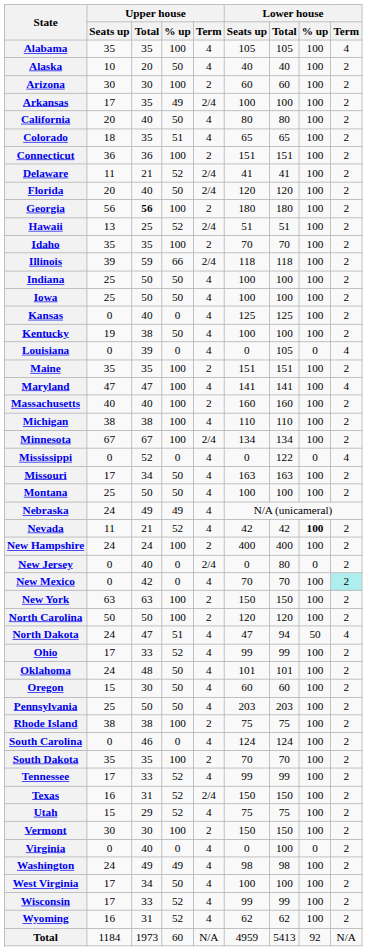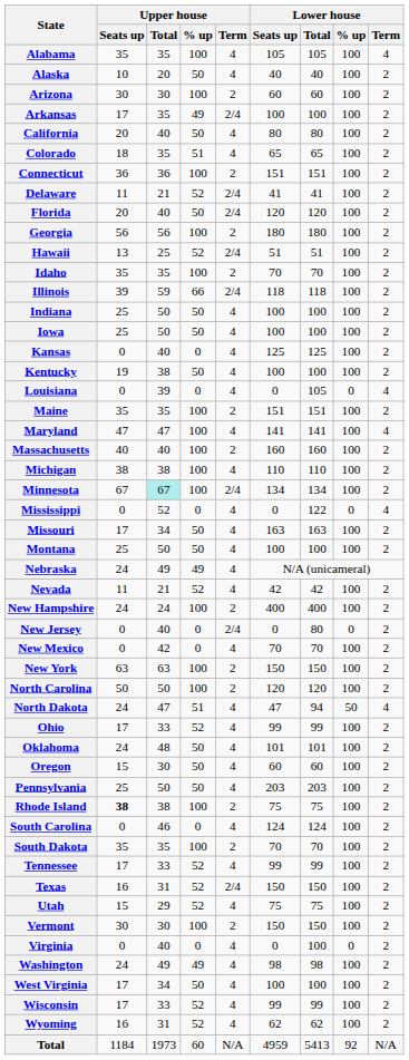 <table class="wikitable sortable plainrowheaders" style="text-align: center;">
 <tr>
 <th rowspan=2>State</th>
 <th colspan=4>Upper house</th>
 <th colspan=4>Lower house</th>
 </tr>
 <tr>
 <th>Seats up</th>
 <th>Total</th>
 <th>% up</th>
 <th>Term</th>
 <th>Seats up</th>
 <th>Total</th>
 <th>% up</th>
 <th>Term</th>
 </tr>
 <tr>
 <th scope="row"><a href='#'>Alabama</a></th>
 <td>35</td>
 <td>35</td>
 <td>100</td>
 <td>4</td>
 <td>105</td>
 <td>105</td>
 <td>100</td>
 <td>4</td>
 </tr>
 <tr>
 <th scope="row"><a href='#'>Alaska</a></th>
 <td>10</td>
 <td>20</td>
 <td>50</td>
 <td>4</td>
 <td>40</td>
 <td>40</td>
 <td>100</td>
 <td>2</td>
 </tr>
 <tr>
 <th scope="row"><a href='#'>Arizona</a></th>
 <td>30</td>
 <td>30</td>
 <td>100</td>
 <td>2</td>
 <td>60</td>
 <td>60</td>
 <td>100</td>
 <td>2</td>
 </tr>
 <tr>
 <th scope="row"><a href='#'>Arkansas</a></th>
 <td>17</td>
 <td>35</td>
 <td>49</td>
 <td>2/4</td>
 <td>100</td>
 <td>100</td>
 <td>100</td>
 <td>2</td>
 </tr>
 <tr>
 <th scope="row"><a href='#'>California</a></th>
 <td>20</td>
 <td>40</td>
 <td>50</td>
 <td>4</td>
 <td>80</td>
 <td>80</td>
 <td>100</td>
 <td>2</td>
 </tr>
 <tr>
 <th scope="row"><a href='#'>Colorado</a></th>
 <td>18</td>
 <td>35</td>
 <td>51</td>
 <td>4</td>
 <td>65</td>
 <td>65</td>
 <td>100</td>
 <td>2</td>
 </tr>
 <tr>
 <th scope="row"><a href='#'>Connecticut</a></th>
 <td>36</td>
 <td>36</td>
 <td>100</td>
 <td>2</td>
 <td>151</td>
 <td>151</td>
 <td>100</td>
 <td>2</td>
 </tr>
 <tr>
 <th scope="row"><a href='#'>Delaware</a></th>
 <td>11</td>
 <td>21</td>
 <td>52</td>
 <td>2/4</td>
 <td>41</td>
 <td>41</td>
 <td>100</td>
 <td>2</td>
 </tr>
 <tr>
 <th scope="row"><a href='#'>Florida</a></th>
 <td>20</td>
 <td>40</td>
 <td>50</td>
 <td>2/4</td>
 <td>120</td>
 <td>120</td>
 <td>100</td>
 <td>2</td>
 </tr>
 <tr>
 <th scope="row"><a href='#'>Georgia</a></th>
 <td>56</td>
-<td><strong>56</strong></td>
+<td>56</td>
 <td>100</td>
 <td>2</td>
 <td>180</td>
 <td>180</td>
 <td>100</td>
 <td>2</td>
 </tr>
 <tr>
 <th scope="row"><a href='#'>Hawaii</a></th>
 <td>13</td>
 <td>25</td>
 <td>52</td>
 <td>2/4</td>
 <td>51</td>
 <td>51</td>
 <td>100</td>
 <td>2</td>
 </tr>
 <tr>
 <th scope="row"><a href='#'>Idaho</a></th>
 <td>35</td>
 <td>35</td>
 <td>100</td>
 <td>2</td>
 <td>70</td>
 <td>70</td>
 <td>100</td>
 <td>2</td>
 </tr>
 <tr>
 <th scope="row"><a href='#'>Illinois</a></th>
 <td>39</td>
 <td>59</td>
 <td>66</td>
 <td>2/4</td>
 <td>118</td>
 <td>118</td>
 <td>100</td>
 <td>2</td>
 </tr>
 <tr>
 <th scope="row"><a href='#'>Indiana</a></th>
 <td>25</td>
 <td>50</td>
 <td>50</td>
 <td>4</td>
 <td>100</td>
 <td>100</td>
 <td>100</td>
 <td>2</td>
 </tr>
 <tr>
 <th scope="row"><a href='#'>Iowa</a></th>
 <td>25</td>
 <td>50</td>
 <td>50</td>
 <td>4</td>
 <td>100</td>
 <td>100</td>
 <td>100</td>
 <td>2</td>
 </tr>
 <tr>
 <th scope="row"><a href='#'>Kansas</a></th>
 <td>0</td>
 <td>40</td>
 <td>0</td>
 <td>4</td>
 <td>125</td>
 <td>125</td>
 <td>100</td>
 <td>2</td>
 </tr>
 <tr>
 <th scope="row"><a href='#'>Kentucky</a></th>
 <td>19</td>
 <td>38</td>
 <td>50</td>
 <td>4</td>
 <td>100</td>
 <td>100</td>
 <td>100</td>
 <td>2</td>
 </tr>
 <tr>
 <th scope="row"><a href='#'>Louisiana</a></th>
 <td>0</td>
 <td>39</td>
 <td>0</td>
 <td>4</td>
 <td>0</td>
 <td>105</td>
 <td>0</td>
 <td>4</td>
 </tr>
 <tr>
 <th scope="row"><a href='#'>Maine</a></th>
 <td>35</td>
 <td>35</td>
 <td>100</td>
 <td>2</td>
 <td>151</td>
 <td>151</td>
 <td>100</td>
 <td>2</td>
 </tr>
 <tr>
 <th scope="row"><a href='#'>Maryland</a></th>
 <td>47</td>
 <td>47</td>
 <td>100</td>
 <td>4</td>
 <td>141</td>
 <td>141</td>
 <td>100</td>
 <td>4</td>
 </tr>
 <tr>
 <th scope="row"><a href='#'>Massachusetts</a></th>
 <td>40</td>
 <td>40</td>
 <td>100</td>
 <td>2</td>
 <td>160</td>
 <td>160</td>
 <td>100</td>
 <td>2</td>
 </tr>
 <tr>
 <th scope="row"><a href='#'>Michigan</a></th>
 <td>38</td>
 <td>38</td>
 <td>100</td>
 <td>4</td>
 <td>110</td>
 <td>110</td>
 <td>100</td>
 <td>2</td>
 </tr>
 <tr>
 <th scope="row"><a href='#'>Minnesota</a></th>
 <td>67</td>
-<td>67</td>
+<td style="background: paleturquoise;">67</td>
 <td>100</td>
 <td>2/4</td>
 <td>134</td>
 <td>134</td>
 <td>100</td>
 <td>2</td>
 </tr>
 <tr>
 <th scope="row"><a href='#'>Mississippi</a></th>
 <td>0</td>
 <td>52</td>
 <td>0</td>
 <td>4</td>
 <td>0</td>
 <td>122</td>
 <td>0</td>
 <td>4</td>
 </tr>
 <tr>
 <th scope="row"><a href='#'>Missouri</a></th>
 <td>17</td>
 <td>34</td>
 <td>50</td>
 <td>4</td>
 <td>163</td>
 <td>163</td>
 <td>100</td>
 <td>2</td>
 </tr>
 <tr>
 <th scope="row"><a href='#'>Montana</a></th>
 <td>25</td>
 <td>50</td>
 <td>50</td>
 <td>4</td>
 <td>100</td>
 <td>100</td>
 <td>100</td>
 <td>2</td>
 </tr>
 <tr>
 <th scope="row"><a href='#'>Nebraska</a></th>
 <td>24</td>
 <td>49</td>
 <td>49</td>
 <td>4</td>
 <td colspan=4>N/A (unicameral)</td>
 </tr>
 <tr>
 <th scope="row"><a href='#'>Nevada</a></th>
 <td>11</td>
 <td>21</td>
 <td>52</td>
 <td>4</td>
 <td>42</td>
 <td>42</td>
-<td><strong>100</strong></td>
+<td>100</td>
 <td>2</td>
 </tr>
 <tr>
 <th scope="row"><a href='#'>New Hampshire</a></th>
 <td>24</td>
 <td>24</td>
 <td>100</td>
 <td>2</td>
 <td>400</td>
 <td>400</td>
 <td>100</td>
 <td>2</td>
 </tr>
 <tr>
 <th scope="row"><a href='#'>New Jersey</a></th>
 <td>0</td>
 <td>40</td>
 <td>0</td>
 <td>2/4</td>
 <td>0</td>
 <td>80</td>
 <td>0</td>
 <td>2</td>
 </tr>
 <tr>
 <th scope="row"><a href='#'>New Mexico</a></th>
 <td>0</td>
 <td>42</td>
 <td>0</td>
 <td>4</td>
 <td>70</td>
 <td>70</td>
 <td>100</td>
-<td style="background: paleturquoise;">2</td>
+<td>2</td>
 </tr>
 <tr>
 <th scope="row"><a href='#'>New York</a></th>
 <td>63</td>
 <td>63</td>
 <td>100</td>
 <td>2</td>
 <td>150</td>
 <td>150</td>
 <td>100</td>
 <td>2</td>
 </tr>
 <tr>
 <th scope="row"><a href='#'>North Carolina</a></th>
 <td>50</td>
 <td>50</td>
 <td>100</td>
 <td>2</td>
 <td>120</td>
 <td>120</td>
 <td>100</td>
 <td>2</td>
 </tr>
 <tr>
 <th scope="row"><a href='#'>North Dakota</a></th>
 <td>24</td>
 <td>47</td>
 <td>51</td>
 <td>4</td>
 <td>47</td>
 <td>94</td>
 <td>50</td>
 <td>4</td>
 </tr>
 <tr>
 <th scope="row"><a href='#'>Ohio</a></th>
 <td>17</td>
 <td>33</td>
 <td>52</td>
 <td>4</td>
 <td>99</td>
 <td>99</td>
 <td>100</td>
 <td>2</td>
 </tr>
 <tr>
 <th scope="row"><a href='#'>Oklahoma</a></th>
 <td>24</td>
 <td>48</td>
 <td>50</td>
 <td>4</td>
 <td>101</td>
 <td>101</td>
 <td>100</td>
 <td>2</td>
 </tr>
 <tr>
 <th scope="row"><a href='#'>Oregon</a></th>
 <td>15</td>
 <td>30</td>
 <td>50</td>
 <td>4</td>
 <td>60</td>
 <td>60</td>
 <td>100</td>
 <td>2</td>
 </tr>
 <tr>
 <th scope="row"><a href='#'>Pennsylvania</a></th>
 <td>25</td>
 <td>50</td>
 <td>50</td>
 <td>4</td>
 <td>203</td>
 <td>203</td>
 <td>100</td>
 <td>2</td>
 </tr>
 <tr>
 <th scope="row"><a href='#'>Rhode Island</a></th>
-<td>38</td>
+<td><strong>38</strong></td>
 <td>38</td>
 <td>100</td>
 <td>2</td>
 <td>75</td>
 <td>75</td>
 <td>100</td>
 <td>2</td>
 </tr>
 <tr>
 <th scope="row"><a href='#'>South Carolina</a></th>
 <td>0</td>
 <td>46</td>
 <td>0</td>
 <td>4</td>
 <td>124</td>
 <td>124</td>
 <td>100</td>
 <td>2</td>
 </tr>
 <tr>
 <th scope="row"><a href='#'>South Dakota</a></th>
 <td>35</td>
 <td>35</td>
 <td>100</td>
 <td>2</td>
 <td>70</td>
 <td>70</td>
 <td>100</td>
 <td>2</td>
 </tr>
 <tr>
 <th scope="row"><a href='#'>Tennessee</a></th>
 <td>17</td>
 <td>33</td>
 <td>52</td>
 <td>4</td>
 <td>99</td>
 <td>99</td>
 <td>100</td>
 <td>2</td>
 </tr>
 <tr>
 <th scope="row"><a href='#'>Texas</a></th>
 <td>16</td>
 <td>31</td>
 <td>52</td>
 <td>2/4</td>
 <td>150</td>
 <td>150</td>
 <td>100</td>
 <td>2</td>
 </tr>
 <tr>
 <th scope="row"><a href='#'>Utah</a></th>
 <td>15</td>
 <td>29</td>
 <td>52</td>
 <td>4</td>
 <td>75</td>
 <td>75</td>
 <td>100</td>
 <td>2</td>
 </tr>
 <tr>
 <th scope="row"><a href='#'>Vermont</a></th>
 <td>30</td>
 <td>30</td>
 <td>100</td>
 <td>2</td>
 <td>150</td>
 <td>150</td>
 <td>100</td>
 <td>2</td>
 </tr>
 <tr>
 <th scope="row"><a href='#'>Virginia</a></th>
 <td>0</td>
 <td>40</td>
 <td>0</td>
 <td>4</td>
 <td>0</td>
 <td>100</td>
 <td>0</td>
 <td>2</td>
 </tr>
 <tr>
 <th scope="row"><a href='#'>Washington</a></th>
 <td>24</td>
 <td>49</td>
 <td>49</td>
 <td>4</td>
 <td>98</td>
 <td>98</td>
 <td>100</td>
 <td>2</td>
 </tr>
 <tr>
 <th scope="row"><a href='#'>West Virginia</a></th>
 <td>17</td>
 <td>34</td>
 <td>50</td>
 <td>4</td>
 <td>100</td>
 <td>100</td>
 <td>100</td>
 <td>2</td>
 </tr>
 <tr>
 <th scope="row"><a href='#'>Wisconsin</a></th>
 <td>17</td>
 <td>33</td>
 <td>52</td>
 <td>4</td>
 <td>99</td>
 <td>99</td>
 <td>100</td>
 <td>2</td>
 </tr>
 <tr>
 <th scope="row"><a href='#'>Wyoming</a></th>
 <td>16</td>
 <td>31</td>
 <td>52</td>
 <td>4</td>
 <td>62</td>
 <td>62</td>
 <td>100</td>
 <td>2</td>
 </tr>
 <tr class="sortbottom" |>
 <th scope="row">Total</th>
 <td>1184</td>
 <td>1973</td>
 <td>60</td>
 <td>N/A</td>
 <td>4959</td>
 <td>5413</td>
 <td>92</td>
 <td>N/A</td>
 </tr>
 </table>
